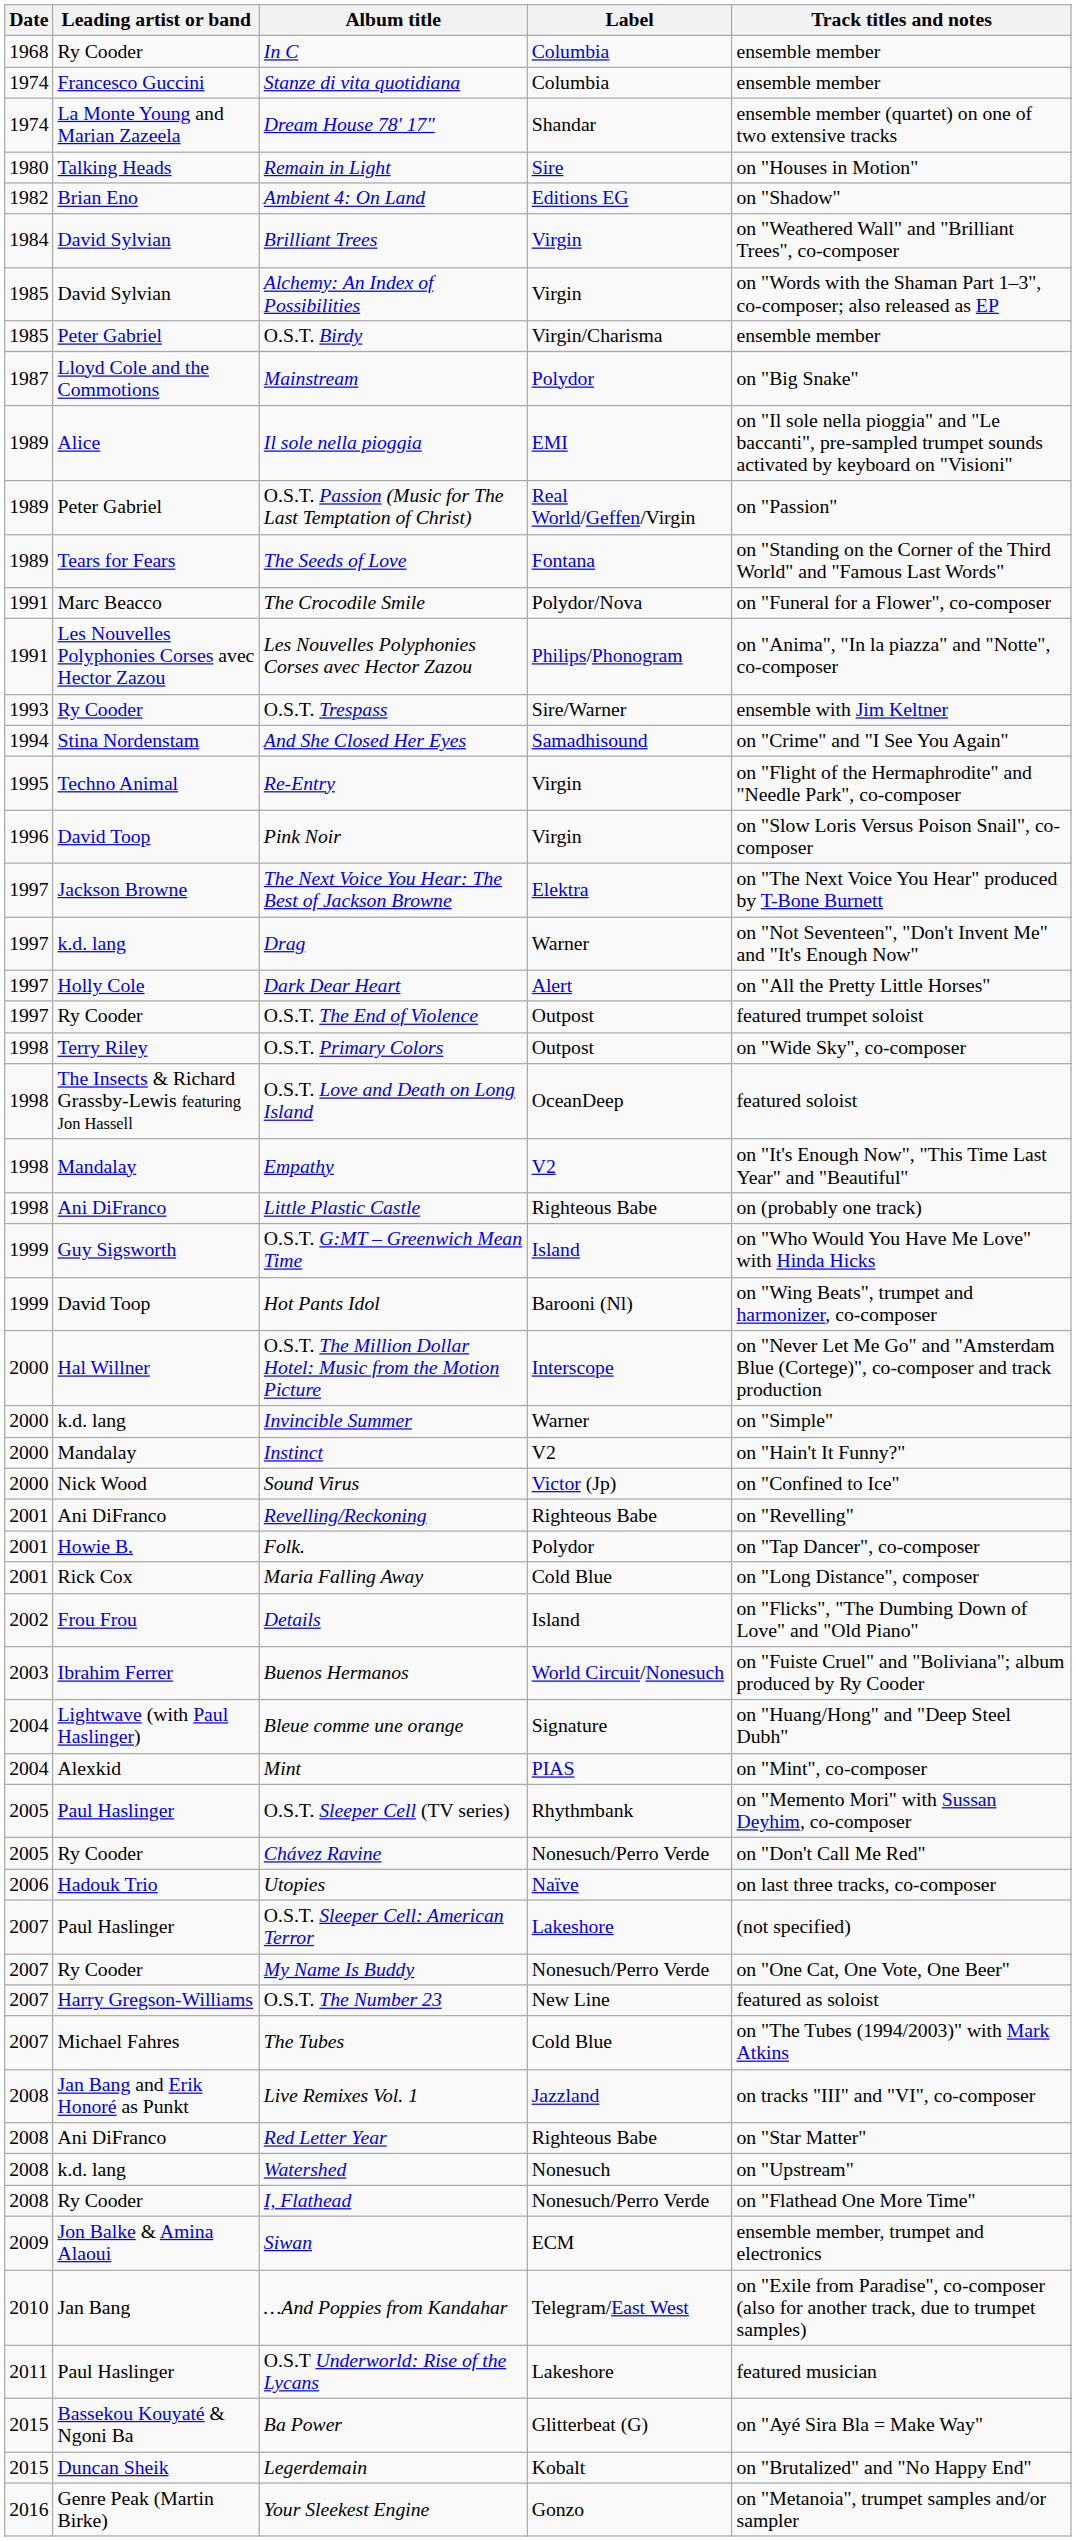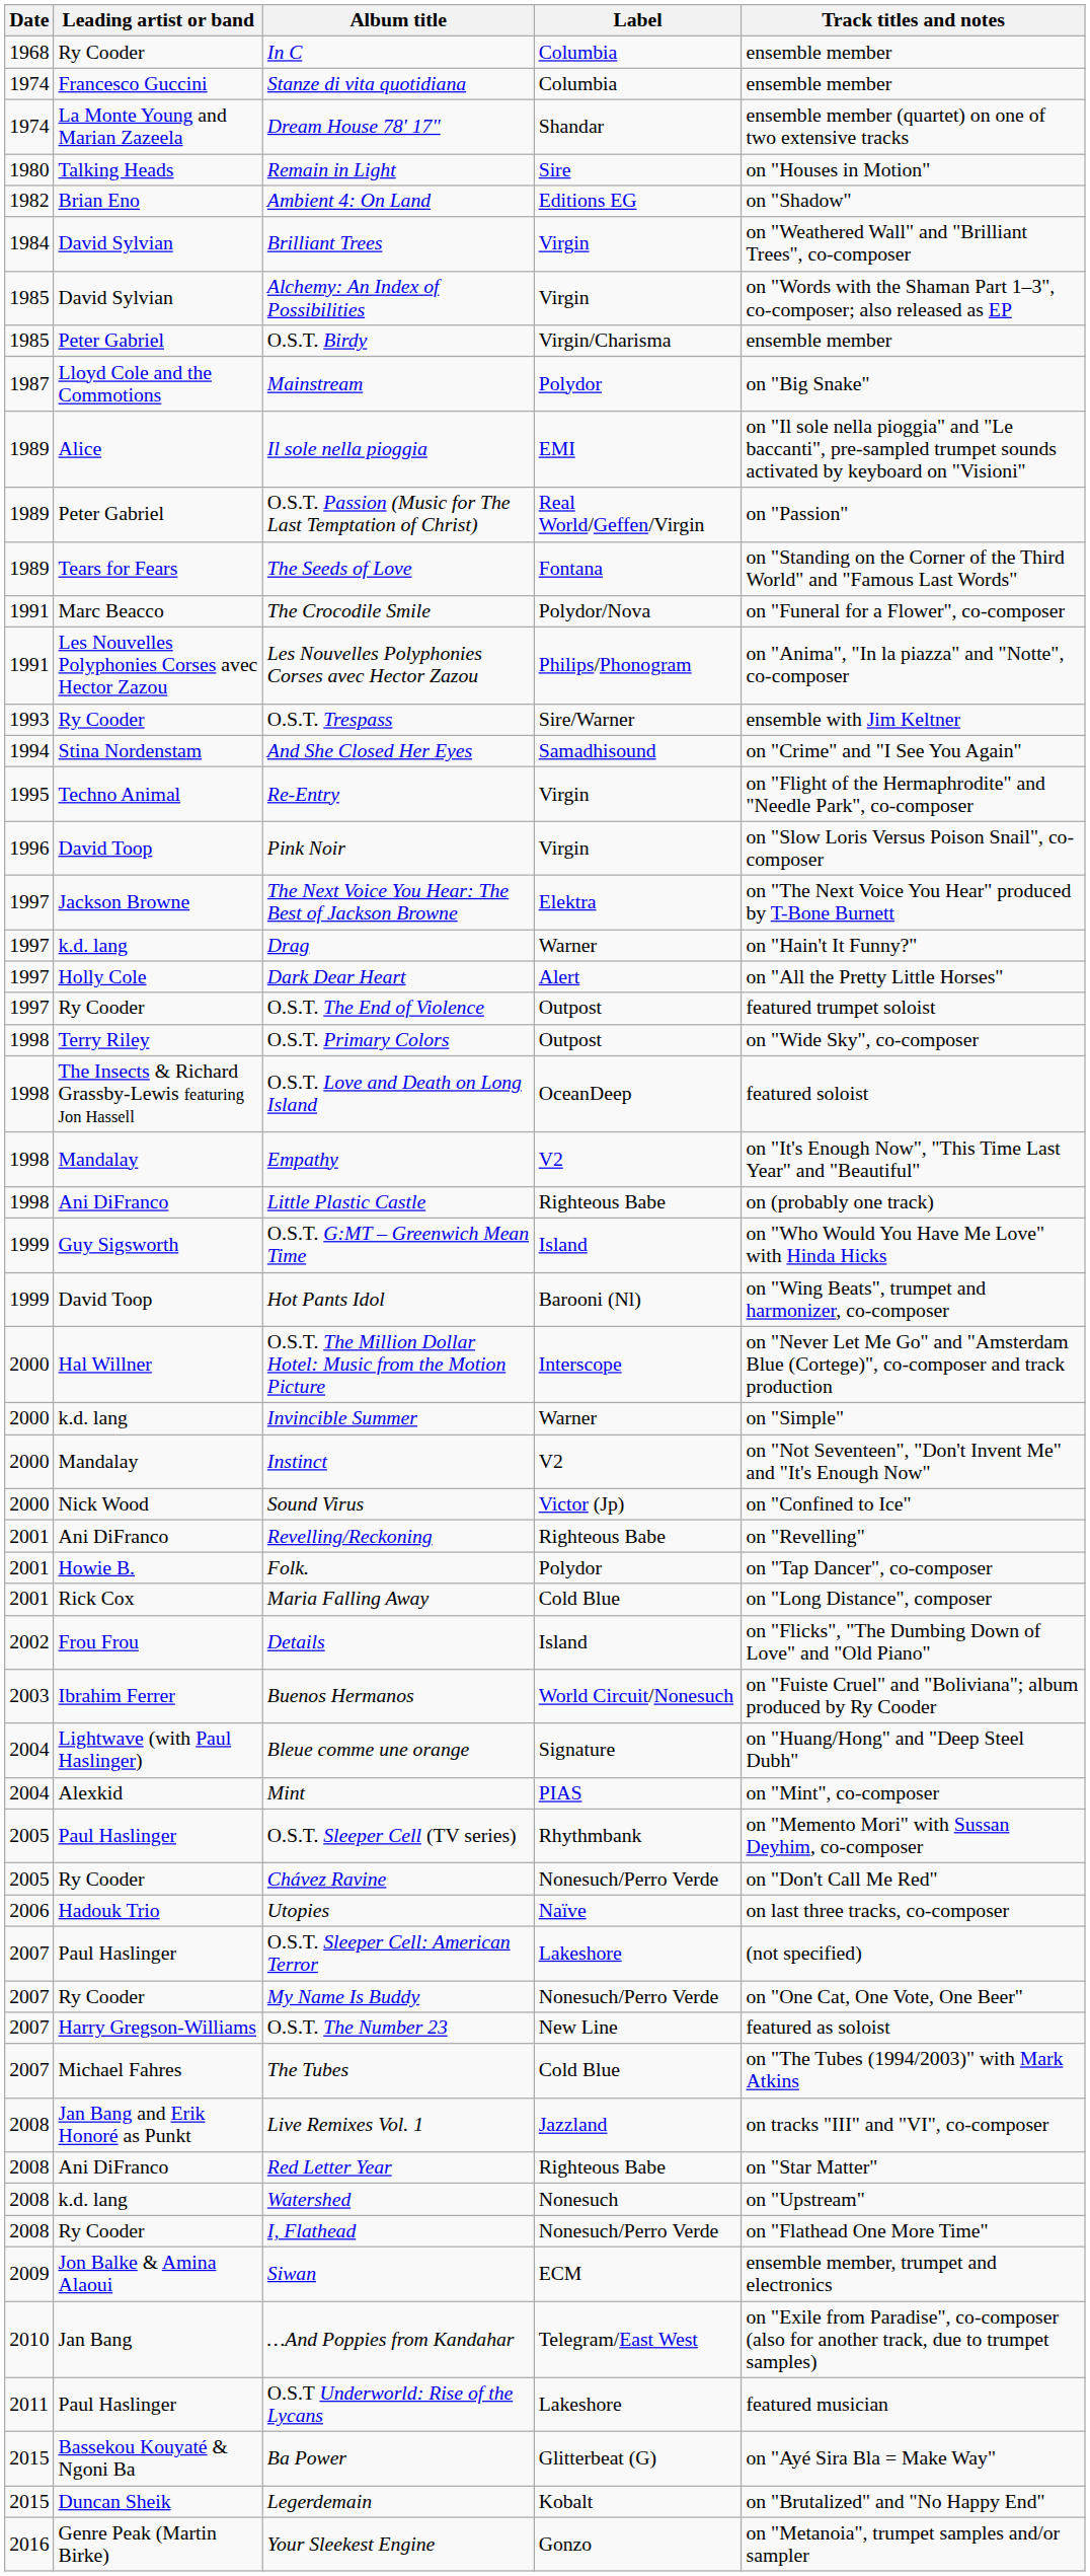 <table class="wikitable sortable">
 <tr>
 <th>Date</th>
 <th>Leading artist or band</th>
 <th>Album title</th>
 <th>Label</th>
 <th>Track titles and notes</th>
 </tr>
 <tr>
 <td>1968</td>
 <td>Ry Cooder</td>
 <td><em><a href='#'>In C</a></em>  </td>
 <td><a href='#'>Columbia</a></td>
 <td>ensemble member</td>
 </tr>
 <tr>
 <td>1974</td>
 <td><a href='#'>Francesco Guccini</a></td>
 <td><em><a href='#'>Stanze di vita quotidiana</a></em> </td>
 <td>Columbia</td>
 <td>ensemble member</td>
 </tr>
 <tr>
 <td>1974</td>
 <td><a href='#'>La Monte Young</a> and <a href='#'>Marian Zazeela</a></td>
 <td><em><a href='#'>Dream House 78' 17"</a></em> </td>
 <td>Shandar</td>
 <td>ensemble member (quartet) on one of two extensive tracks</td>
 </tr>
 <tr>
 <td>1980</td>
 <td><a href='#'>Talking Heads</a></td>
 <td><em><a href='#'>Remain in Light</a></em></td>
 <td><a href='#'>Sire</a></td>
 <td>on "Houses in Motion"</td>
 </tr>
 <tr>
 <td>1982</td>
 <td><a href='#'>Brian Eno</a></td>
 <td><em><a href='#'>Ambient 4: On Land</a></em></td>
 <td><a href='#'>Editions EG</a></td>
 <td>on "Shadow"</td>
 </tr>
 <tr>
 <td>1984</td>
 <td><a href='#'>David Sylvian</a></td>
 <td><em><a href='#'>Brilliant Trees</a></em></td>
 <td><a href='#'>Virgin</a></td>
 <td>on "Weathered Wall" and "Brilliant Trees", co-composer</td>
 </tr>
 <tr>
 <td>1985</td>
 <td>David Sylvian</td>
 <td><em><a href='#'>Alchemy: An Index of Possibilities</a></em></td>
 <td>Virgin</td>
 <td>on "Words with the Shaman Part 1–3", co-composer; also released as <a href='#'>EP</a></td>
 </tr>
 <tr>
 <td>1985</td>
 <td><a href='#'>Peter Gabriel</a></td>
 <td>O.S.T. <em><a href='#'>Birdy</a></em></td>
 <td>Virgin/Charisma</td>
 <td>ensemble member</td>
 </tr>
 <tr>
 <td>1987</td>
 <td><a href='#'>Lloyd Cole and the Commotions</a></td>
 <td><em><a href='#'>Mainstream</a></em></td>
 <td><a href='#'>Polydor</a></td>
 <td>on "Big Snake"</td>
 </tr>
 <tr>
 <td>1989</td>
 <td><a href='#'>Alice</a></td>
 <td><em><a href='#'>Il sole nella pioggia</a></em></td>
 <td><a href='#'>EMI</a></td>
 <td>on "Il sole nella pioggia" and "Le baccanti", pre-sampled trumpet sounds activated by keyboard on "Visioni"</td>
 </tr>
 <tr>
 <td>1989</td>
 <td>Peter Gabriel</td>
 <td>O.S.T. <em><a href='#'>Passion</a> (Music for The Last Temptation of Christ)</em></td>
 <td><a href='#'>Real World</a>/<a href='#'>Geffen</a>/Virgin</td>
 <td>on "Passion"</td>
 </tr>
 <tr>
 <td>1989</td>
 <td><a href='#'>Tears for Fears</a></td>
 <td><em><a href='#'>The Seeds of Love</a></em></td>
 <td><a href='#'>Fontana</a></td>
 <td>on "Standing on the Corner of the Third World" and "Famous Last Words"</td>
 </tr>
 <tr>
 <td>1991</td>
 <td>Marc Beacco</td>
 <td><em>The Crocodile Smile</em> </td>
 <td>Polydor/Nova</td>
 <td>on "Funeral for a Flower", co-composer</td>
 </tr>
 <tr>
 <td>1991</td>
 <td><a href='#'>Les Nouvelles Polyphonies Corses</a> avec <a href='#'>Hector Zazou</a></td>
 <td><em>Les Nouvelles Polyphonies Corses avec Hector Zazou</em> </td>
 <td><a href='#'>Philips</a>/<a href='#'>Phonogram</a></td>
 <td>on "Anima", "In la piazza" and "Notte", co-composer</td>
 </tr>
 <tr>
 <td>1993</td>
 <td><a href='#'>Ry Cooder</a></td>
 <td>O.S.T. <em><a href='#'>Trespass</a></em> </td>
 <td>Sire/Warner</td>
 <td>ensemble with <a href='#'>Jim Keltner</a></td>
 </tr>
 <tr>
 <td>1994</td>
 <td><a href='#'>Stina Nordenstam</a></td>
 <td><em><a href='#'>And She Closed Her Eyes</a></em></td>
 <td><a href='#'>Samadhisound</a></td>
 <td>on "Crime" and "I See You Again"</td>
 </tr>
 <tr>
 <td>1995</td>
 <td><a href='#'>Techno Animal</a></td>
 <td><em><a href='#'>Re-Entry</a></em></td>
 <td>Virgin</td>
 <td>on "Flight of the Hermaphrodite" and "Needle Park", co-composer</td>
 </tr>
 <tr>
 <td>1996</td>
 <td><a href='#'>David Toop</a></td>
 <td><em>Pink Noir</em> </td>
 <td>Virgin</td>
 <td>on "Slow Loris Versus Poison Snail", co-composer</td>
 </tr>
 <tr>
 <td>1997</td>
 <td><a href='#'>Jackson Browne</a></td>
 <td><em><a href='#'>The Next Voice You Hear: The Best of Jackson Browne</a></em></td>
 <td><a href='#'>Elektra</a></td>
 <td>on "The Next Voice You Hear" produced by <a href='#'>T-Bone Burnett</a></td>
 </tr>
 <tr>
 <td>1997</td>
 <td><a href='#'>k.d. lang</a></td>
 <td><em><a href='#'>Drag</a></em></td>
 <td>Warner</td>
-<td>on "Not Seventeen", "Don't Invent Me" and "It's Enough Now"</td>
+<td>on "Hain't It Funny?"</td>
 </tr>
 <tr>
 <td>1997</td>
 <td><a href='#'>Holly Cole</a></td>
 <td><em><a href='#'>Dark Dear Heart</a></em></td>
 <td><a href='#'>Alert</a></td>
 <td>on "All the Pretty Little Horses"</td>
 </tr>
 <tr>
 <td>1997</td>
 <td>Ry Cooder</td>
 <td>O.S.T. <em><a href='#'>The End of Violence</a></em></td>
 <td>Outpost</td>
 <td>featured trumpet soloist</td>
 </tr>
 <tr>
 <td>1998</td>
 <td><a href='#'>Terry Riley</a></td>
 <td>O.S.T. <em><a href='#'>Primary Colors</a></em></td>
 <td>Outpost</td>
 <td>on "Wide Sky", co-composer</td>
 </tr>
 <tr>
 <td>1998</td>
 <td><a href='#'>The Insects</a> & Richard Grassby-Lewis <small>featuring Jon Hassell</small></td>
 <td>O.S.T. <em><a href='#'>Love and Death on Long Island</a></em></td>
 <td>OceanDeep</td>
 <td>featured soloist</td>
 </tr>
 <tr>
 <td>1998</td>
 <td><a href='#'>Mandalay</a></td>
 <td><em><a href='#'>Empathy</a></em></td>
 <td><a href='#'>V2</a></td>
 <td>on "It's Enough Now", "This Time Last Year" and "Beautiful"</td>
 </tr>
 <tr>
 <td>1998</td>
 <td><a href='#'>Ani DiFranco</a></td>
 <td><em><a href='#'>Little Plastic Castle</a></em></td>
 <td>Righteous Babe</td>
 <td>on (probably one track)</td>
 </tr>
 <tr>
 <td>1999</td>
 <td><a href='#'>Guy Sigsworth</a></td>
 <td>O.S.T. <em><a href='#'>G:MT – Greenwich Mean Time</a></em></td>
 <td><a href='#'>Island</a></td>
 <td>on "Who Would You Have Me Love" with <a href='#'>Hinda Hicks</a></td>
 </tr>
 <tr>
 <td>1999</td>
 <td>David Toop</td>
 <td><em>Hot Pants Idol</em> </td>
 <td>Barooni (Nl)</td>
 <td>on "Wing Beats", trumpet and <a href='#'>harmonizer</a>, co-composer</td>
 </tr>
 <tr>
 <td>2000</td>
 <td><a href='#'>Hal Willner</a></td>
 <td>O.S.T. <em><a href='#'>The Million Dollar Hotel: Music from the Motion Picture</a></em></td>
 <td><a href='#'>Interscope</a></td>
 <td>on "Never Let Me Go" and "Amsterdam Blue (Cortege)", co-composer and track production</td>
 </tr>
 <tr>
 <td>2000</td>
 <td>k.d. lang</td>
 <td><em><a href='#'>Invincible Summer</a></em></td>
 <td>Warner</td>
 <td>on "Simple"</td>
 </tr>
 <tr>
 <td>2000</td>
 <td>Mandalay</td>
 <td><em><a href='#'>Instinct</a></em></td>
 <td>V2</td>
-<td>on "Hain't It Funny?"</td>
+<td>on "Not Seventeen", "Don't Invent Me" and "It's Enough Now"</td>
 </tr>
 <tr>
 <td>2000</td>
 <td>Nick Wood</td>
 <td><em>Sound Virus</em> </td>
 <td><a href='#'>Victor</a> (Jp)</td>
 <td>on "Confined to Ice"</td>
 </tr>
 <tr>
 <td>2001</td>
 <td>Ani DiFranco</td>
 <td><em><a href='#'>Revelling/Reckoning</a></em></td>
 <td>Righteous Babe</td>
 <td>on "Revelling"</td>
 </tr>
 <tr>
 <td>2001</td>
 <td><a href='#'>Howie B.</a></td>
 <td><em>Folk.</em></td>
 <td>Polydor</td>
 <td>on "Tap Dancer", co-composer</td>
 </tr>
 <tr>
 <td>2001</td>
 <td>Rick Cox</td>
 <td><em>Maria Falling Away</em> </td>
 <td>Cold Blue</td>
 <td>on "Long Distance", composer</td>
 </tr>
 <tr>
 <td>2002</td>
 <td><a href='#'>Frou Frou</a></td>
 <td><em><a href='#'>Details</a></em></td>
 <td>Island</td>
 <td>on "Flicks", "The Dumbing Down of Love" and "Old Piano"</td>
 </tr>
 <tr>
 <td>2003</td>
 <td><a href='#'>Ibrahim Ferrer</a></td>
 <td><em>Buenos Hermanos</em></td>
 <td><a href='#'>World Circuit</a>/<a href='#'>Nonesuch</a></td>
 <td>on "Fuiste Cruel" and "Boliviana"; album produced by Ry Cooder</td>
 </tr>
 <tr>
 <td>2004</td>
 <td><a href='#'>Lightwave</a> (with <a href='#'>Paul Haslinger</a>)</td>
 <td><em>Bleue comme une orange</em> </td>
 <td>Signature</td>
 <td>on "Huang/Hong" and "Deep Steel Dubh"</td>
 </tr>
 <tr>
 <td>2004</td>
 <td>Alexkid</td>
 <td><em>Mint</em> </td>
 <td><a href='#'>PIAS</a></td>
 <td>on "Mint", co-composer</td>
 </tr>
 <tr>
 <td>2005</td>
 <td><a href='#'>Paul Haslinger</a></td>
 <td>O.S.T. <em><a href='#'>Sleeper Cell</a></em> (TV series)</td>
 <td>Rhythmbank</td>
 <td>on "Memento Mori" with <a href='#'>Sussan Deyhim</a>, co-composer</td>
 </tr>
 <tr>
 <td>2005</td>
 <td>Ry Cooder</td>
 <td><em><a href='#'>Chávez Ravine</a></em></td>
 <td>Nonesuch/Perro Verde</td>
 <td>on "Don't Call Me Red"</td>
 </tr>
 <tr>
 <td>2006</td>
 <td><a href='#'>Hadouk Trio</a></td>
 <td><em>Utopies</em> </td>
 <td><a href='#'>Naïve</a></td>
 <td>on last three tracks, co-composer</td>
 </tr>
 <tr>
 <td>2007</td>
 <td>Paul Haslinger</td>
 <td>O.S.T. <em><a href='#'>Sleeper Cell: American Terror</a></em></td>
 <td><a href='#'>Lakeshore</a></td>
 <td>(not specified)</td>
 </tr>
 <tr>
 <td>2007</td>
 <td>Ry Cooder</td>
 <td><em><a href='#'>My Name Is Buddy</a></em></td>
 <td>Nonesuch/Perro Verde</td>
 <td>on "One Cat, One Vote, One Beer"</td>
 </tr>
 <tr>
 <td>2007</td>
 <td><a href='#'>Harry Gregson-Williams</a></td>
 <td>O.S.T. <em><a href='#'>The Number 23</a></em></td>
 <td>New Line</td>
 <td>featured as soloist</td>
 </tr>
 <tr>
 <td>2007</td>
 <td>Michael Fahres</td>
 <td><em>The Tubes</em> </td>
 <td>Cold Blue</td>
 <td>on "The Tubes (1994/2003)" with <a href='#'>Mark Atkins</a></td>
 </tr>
 <tr>
 <td>2008</td>
 <td><a href='#'>Jan Bang</a> and <a href='#'>Erik Honoré</a> as Punkt</td>
 <td><em>Live Remixes Vol. 1</em></td>
 <td><a href='#'>Jazzland</a></td>
 <td>on tracks "III" and "VI", co-composer</td>
 </tr>
 <tr>
 <td>2008</td>
 <td>Ani DiFranco</td>
 <td><em><a href='#'>Red Letter Year</a></em></td>
 <td>Righteous Babe</td>
 <td>on "Star Matter"</td>
 </tr>
 <tr>
 <td>2008</td>
 <td>k.d. lang</td>
 <td><em><a href='#'>Watershed</a></em></td>
 <td>Nonesuch</td>
 <td>on "Upstream"</td>
 </tr>
 <tr>
 <td>2008</td>
 <td>Ry Cooder</td>
 <td><em><a href='#'>I, Flathead</a></em></td>
 <td>Nonesuch/Perro Verde</td>
 <td>on "Flathead One More Time"</td>
 </tr>
 <tr>
 <td>2009</td>
 <td><a href='#'>Jon Balke</a> & <a href='#'>Amina Alaoui</a></td>
 <td><em><a href='#'>Siwan</a></em></td>
 <td>ECM</td>
 <td>ensemble member, trumpet and electronics</td>
 </tr>
 <tr>
 <td>2010</td>
 <td>Jan Bang</td>
 <td><em>…And Poppies from Kandahar</em></td>
 <td>Telegram/<a href='#'>East West</a></td>
 <td>on "Exile from Paradise", co-composer (also for another track, due to trumpet samples)</td>
 </tr>
 <tr>
 <td>2011</td>
 <td>Paul Haslinger</td>
 <td>O.S.T <em><a href='#'>Underworld: Rise of the Lycans</a></em></td>
 <td>Lakeshore</td>
 <td>featured musician</td>
 </tr>
 <tr>
 <td>2015</td>
 <td><a href='#'>Bassekou Kouyaté</a> & Ngoni Ba</td>
 <td><em>Ba Power</em></td>
 <td>Glitterbeat (G)</td>
 <td>on "Ayé Sira Bla = Make Way"</td>
 </tr>
 <tr>
 <td>2015</td>
 <td><a href='#'>Duncan Sheik</a></td>
 <td><em>Legerdemain</em></td>
 <td>Kobalt</td>
 <td>on "Brutalized" and "No Happy End"</td>
 </tr>
 <tr>
 <td>2016</td>
 <td>Genre Peak (Martin Birke)</td>
 <td><em>Your Sleekest Engine</em></td>
 <td>Gonzo</td>
 <td>on "Metanoia", trumpet samples and/or sampler</td>
 </tr>
 </table>
